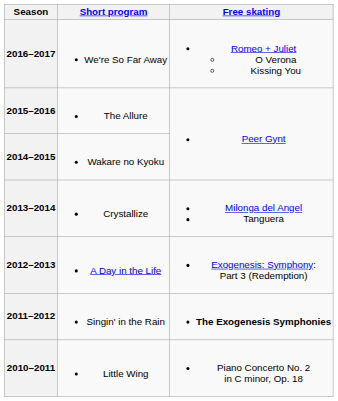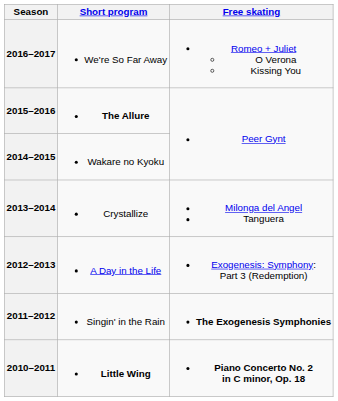 <table class=wikitable style=text-align:center>
 <tr>
 <th>Season</th>
 <th><a href='#'>Short program</a></th>
 <th><a href='#'>Free skating</a></th>
 </tr>
 <tr>
 <th>2016–2017 <br></th>
 <td><br><ul><li>We're So Far Away <br></li></ul></td>
 <td><br><ul><li><a href='#'>Romeo + Juliet</a> <br><ul><li>O Verona</li><li>Kissing You</li></ul></li></ul></td>
 </tr>
 <tr>
 <th>2015–2016 <br></th>
-<td><br><ul><li>The Allure <br></li></ul></td>
+<td><strong><br><ul><li>The Allure <br></li></ul></strong></td>
 <td rowspan=2><br><ul><li><a href='#'>Peer Gynt</a> <br></li></ul></td>
 </tr>
 <tr>
 <th>2014–2015 <br> </th>
 <td><br><ul><li>Wakare no Kyoku <br></li></ul></td>
 </tr>
 <tr>
 <th>2013–2014 <br> </th>
 <td><br><ul><li>Crystallize <br></li></ul></td>
 <td><br><ul><li><a href='#'>Milonga del Angel</a> <br></li><li>Tanguera <br></li></ul></td>
 </tr>
 <tr>
 <th>2012–2013 <br> </th>
 <td><br><ul><li><a href='#'>A Day in the Life</a> <br></li></ul></td>
 <td><br><ul><li><a href='#'>Exogenesis: Symphony</a>: <br> Part 3 (Redemption) <br></li></ul></td>
 </tr>
 <tr>
 <th>2011–2012 <br> </th>
 <td><br><ul><li>Singin' in the Rain <br></li></ul></td>
 <td><strong><br><ul><li>The Exogenesis Symphonies <br></li></ul></strong></td>
 </tr>
 <tr>
 <th>2010–2011 <br> </th>
-<td><br><ul><li>Little Wing <br></li></ul></td>
-<td><br><ul><li>Piano Concerto No. 2 <br> in C minor, Op. 18 <br></li></ul></td>
+<td><strong><br><ul><li>Little Wing <br></li></ul></strong></td>
+<td><strong><br><ul><li>Piano Concerto No. 2 <br> in C minor, Op. 18 <br></li></ul></strong></td>
 </tr>
 </table>
